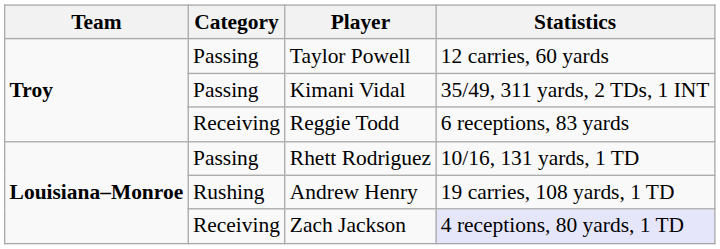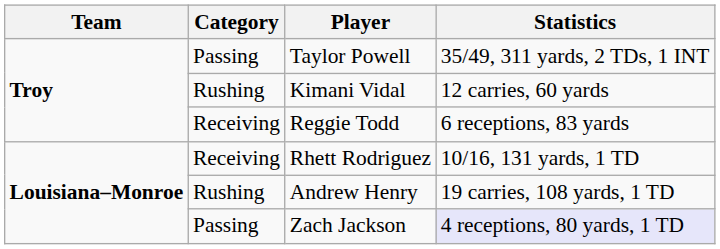 <table class="wikitable" style="float: left;">
 <tr>
 <th>Team</th>
 <th>Category</th>
 <th>Player</th>
 <th>Statistics</th>
 </tr>
 <tr>
 <td rowspan=3><strong>Troy</strong></td>
 <td>Passing</td>
 <td>Taylor Powell</td>
-<td>12 carries, 60 yards</td>
+<td>35/49, 311 yards, 2 TDs, 1 INT</td>
 </tr>
 <tr>
-<td>Passing</td>
+<td>Rushing</td>
 <td>Kimani Vidal</td>
-<td>35/49, 311 yards, 2 TDs, 1 INT</td>
+<td>12 carries, 60 yards</td>
 </tr>
 <tr>
 <td>Receiving</td>
 <td>Reggie Todd</td>
 <td>6 receptions, 83 yards</td>
 </tr>
 <tr>
 <td rowspan=3><strong>Louisiana–Monroe</strong></td>
-<td>Passing</td>
+<td>Receiving</td>
 <td>Rhett Rodriguez</td>
 <td>10/16, 131 yards, 1 TD</td>
 </tr>
 <tr>
 <td>Rushing</td>
 <td>Andrew Henry</td>
 <td>19 carries, 108 yards, 1 TD</td>
 </tr>
 <tr>
-<td>Receiving</td>
+<td>Passing</td>
 <td>Zach Jackson</td>
 <td style="background: lavender;">4 receptions, 80 yards, 1 TD</td>
 </tr>
 </table>
